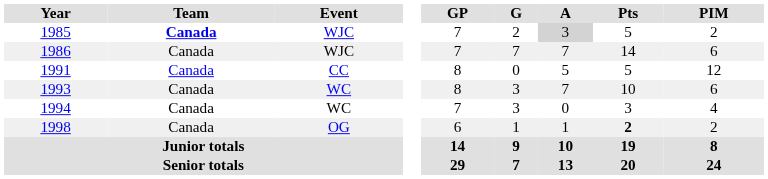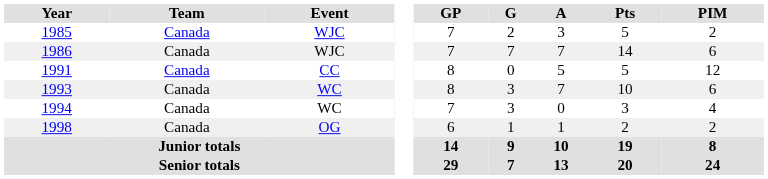 <table border="0" cellpadding="1" cellspacing="0" style="text-align:center; width:50em">
 <tr ALIGN="center" bgcolor="#e0e0e0">
 <th>Year</th>
 <th>Team</th>
 <th>Event</th>
 <th ALIGN="center" rowspan="99" bgcolor="#ffffff"> </th>
 <th>GP</th>
 <th>G</th>
 <th>A</th>
 <th>Pts</th>
 <th>PIM</th>
 </tr>
 <tr>
 <td><a href='#'>1985</a></td>
-<td><strong><a href='#'>Canada</a></strong></td>
+<td><a href='#'>Canada</a></td>
 <td><a href='#'>WJC</a></td>
 <td>7</td>
 <td>2</td>
-<td style="background: lightgrey;">3</td>
+<td>3</td>
 <td>5</td>
 <td>2</td>
 </tr>
 <tr bgcolor="#f0f0f0">
 <td><a href='#'>1986</a></td>
 <td>Canada</td>
 <td>WJC</td>
 <td>7</td>
 <td>7</td>
 <td>7</td>
 <td>14</td>
 <td>6</td>
 </tr>
 <tr>
 <td><a href='#'>1991</a></td>
 <td><a href='#'>Canada</a></td>
 <td><a href='#'>CC</a></td>
 <td>8</td>
 <td>0</td>
 <td>5</td>
 <td>5</td>
 <td>12</td>
 </tr>
 <tr bgcolor="#f0f0f0">
 <td><a href='#'>1993</a></td>
 <td>Canada</td>
 <td><a href='#'>WC</a></td>
 <td>8</td>
 <td>3</td>
 <td>7</td>
 <td>10</td>
 <td>6</td>
 </tr>
 <tr>
 <td><a href='#'>1994</a></td>
 <td>Canada</td>
 <td>WC</td>
 <td>7</td>
 <td>3</td>
 <td>0</td>
 <td>3</td>
 <td>4</td>
 </tr>
 <tr bgcolor="#f0f0f0">
 <td><a href='#'>1998</a></td>
 <td>Canada</td>
 <td><a href='#'>OG</a></td>
 <td>6</td>
 <td>1</td>
 <td>1</td>
-<td><strong>2</strong></td>
+<td>2</td>
 <td>2</td>
 </tr>
 <tr bgcolor="#e0e0e0">
 <th colspan=3>Junior totals</th>
 <th>14</th>
 <th>9</th>
 <th>10</th>
 <th>19</th>
 <th>8</th>
 </tr>
 <tr bgcolor="#e0e0e0">
 <th colspan=3>Senior totals</th>
 <th>29</th>
 <th>7</th>
 <th>13</th>
 <th>20</th>
 <th>24</th>
 </tr>
 </table>
